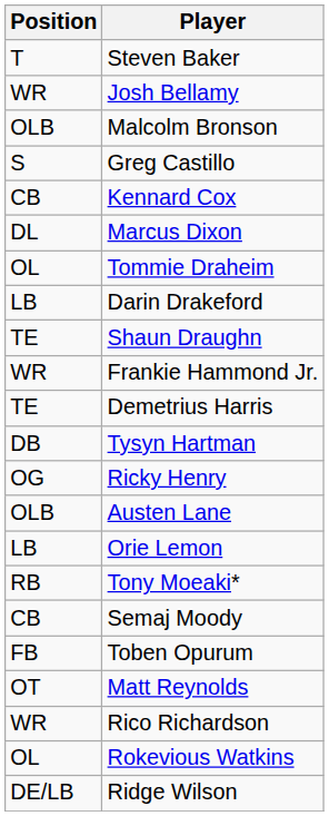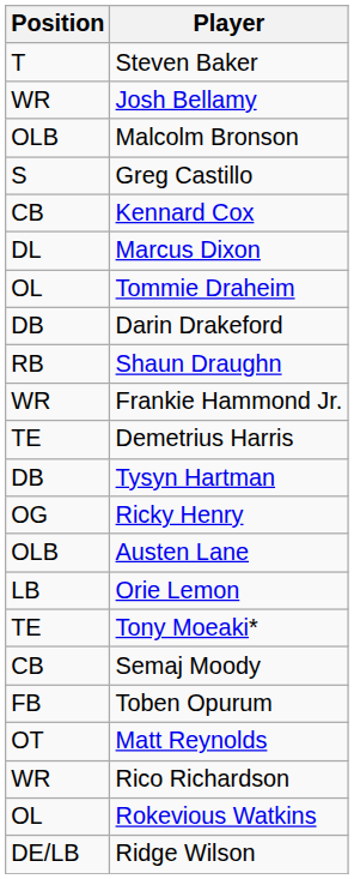 <table class="wikitable sortable">
 <tr>
 <th>Position</th>
 <th>Player</th>
 </tr>
 <tr>
 <td>T</td>
 <td>Steven Baker</td>
 </tr>
 <tr>
 <td>WR</td>
 <td><a href='#'>Josh Bellamy</a></td>
 </tr>
 <tr>
 <td>OLB</td>
 <td>Malcolm Bronson</td>
 </tr>
 <tr>
 <td>S</td>
 <td>Greg Castillo</td>
 </tr>
 <tr>
 <td>CB</td>
 <td><a href='#'>Kennard Cox</a></td>
 </tr>
 <tr>
 <td>DL</td>
 <td><a href='#'>Marcus Dixon</a></td>
 </tr>
 <tr>
 <td>OL</td>
 <td><a href='#'>Tommie Draheim</a></td>
 </tr>
 <tr>
-<td>LB</td>
+<td>DB</td>
 <td>Darin Drakeford</td>
 </tr>
 <tr>
-<td>TE</td>
+<td>RB</td>
 <td><a href='#'>Shaun Draughn</a></td>
 </tr>
 <tr>
 <td>WR</td>
 <td>Frankie Hammond Jr.</td>
 </tr>
 <tr>
 <td>TE</td>
 <td>Demetrius Harris</td>
 </tr>
 <tr>
 <td>DB</td>
 <td><a href='#'>Tysyn Hartman</a></td>
 </tr>
 <tr>
 <td>OG</td>
 <td><a href='#'>Ricky Henry</a></td>
 </tr>
 <tr>
 <td>OLB</td>
 <td><a href='#'>Austen Lane</a></td>
 </tr>
 <tr>
 <td>LB</td>
 <td><a href='#'>Orie Lemon</a></td>
 </tr>
 <tr>
-<td>RB</td>
+<td>TE</td>
 <td><a href='#'>Tony Moeaki</a>*</td>
 </tr>
 <tr>
 <td>CB</td>
 <td>Semaj Moody</td>
 </tr>
 <tr>
 <td>FB</td>
 <td>Toben Opurum</td>
 </tr>
 <tr>
 <td>OT</td>
 <td><a href='#'>Matt Reynolds</a></td>
 </tr>
 <tr>
 <td>WR</td>
 <td>Rico Richardson</td>
 </tr>
 <tr>
 <td>OL</td>
 <td><a href='#'>Rokevious Watkins</a></td>
 </tr>
 <tr>
 <td>DE/LB</td>
 <td>Ridge Wilson</td>
 </tr>
 </table>
